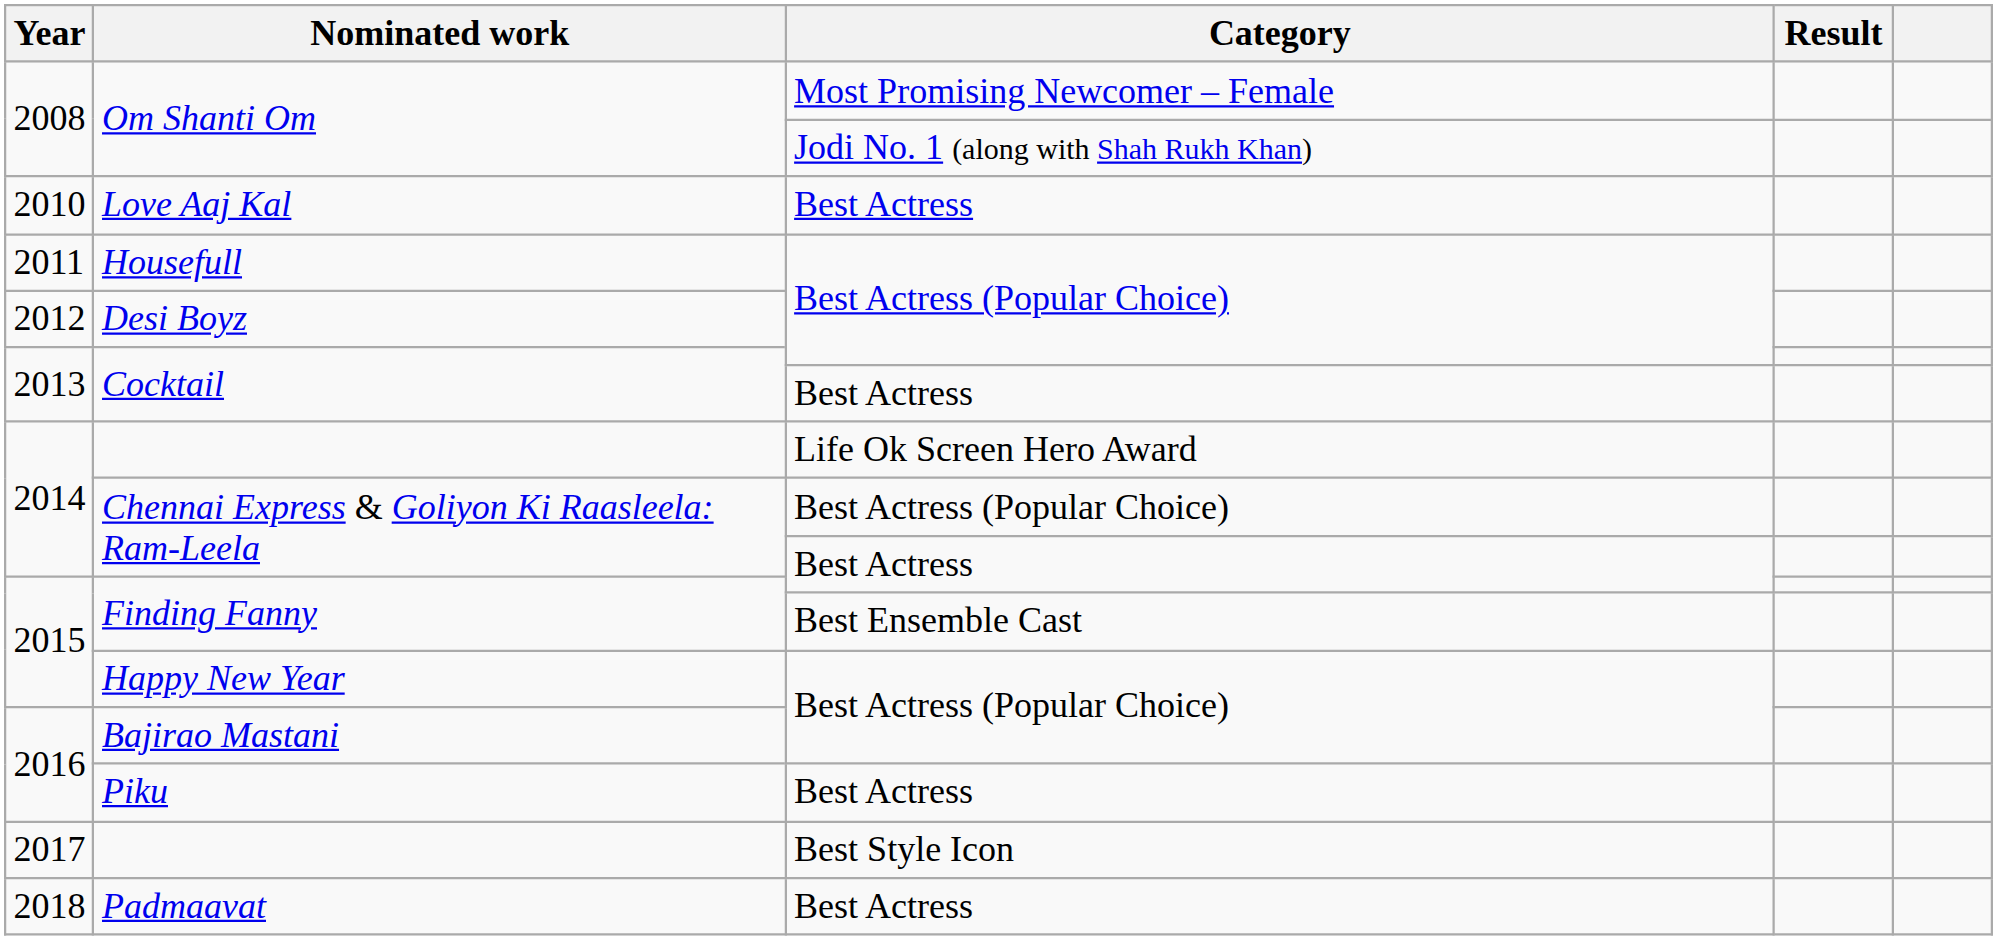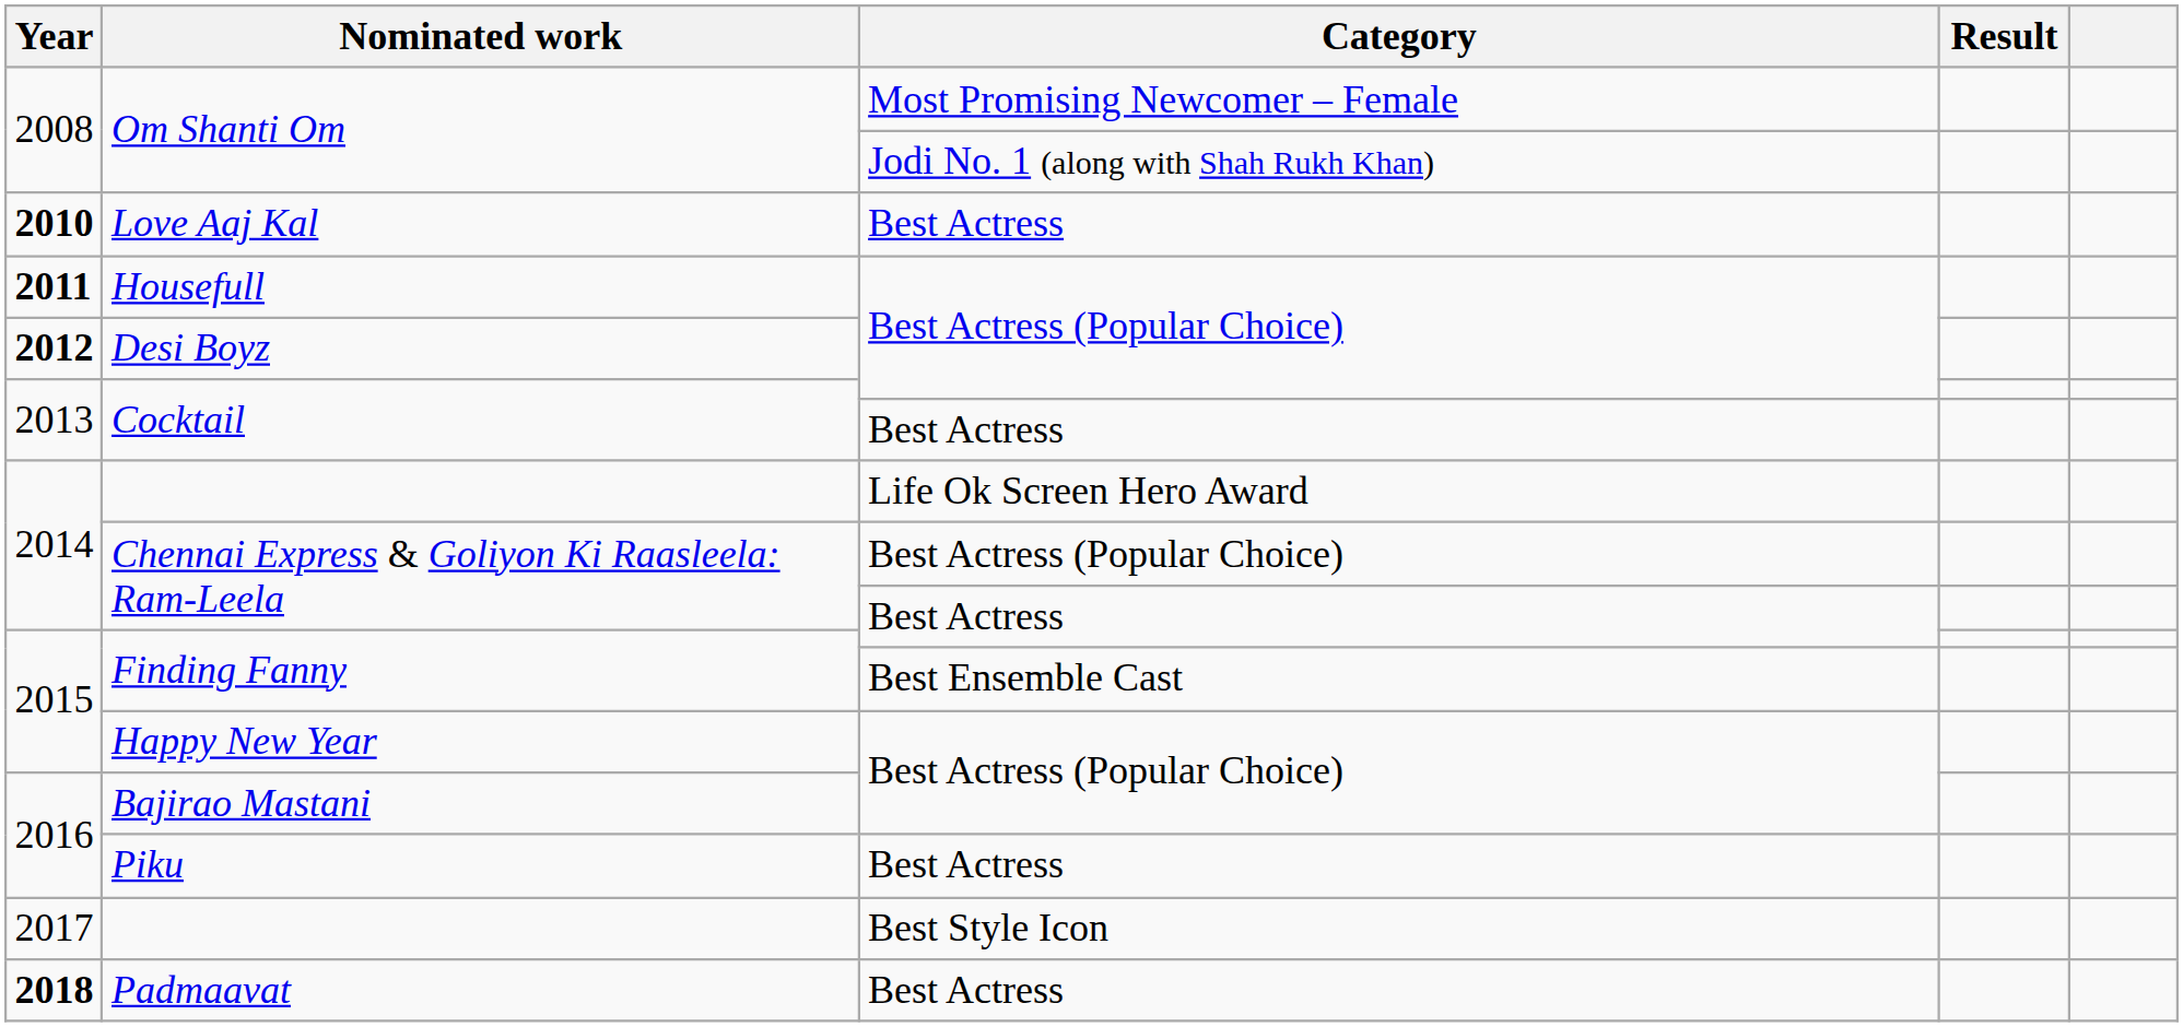 <table class="wikitable" style="width:100%;">
 <tr>
 <th scope="col" style="width:4%;">Year</th>
 <th scope="col" style="width:35%;">Nominated work</th>
 <th scope="col" style="width:50%;">Category</th>
 <th scope="col" style="width:6%;">Result</th>
 <th scope="col" style="width:5%;"></th>
 </tr>
 <tr>
 <td rowspan="2">2008</td>
 <td rowspan="2"><em><a href='#'>Om Shanti Om</a></em></td>
 <td><a href='#'>Most Promising Newcomer – Female</a></td>
 <td></td>
 <td style="text-align:center;"></td>
 </tr>
 <tr>
 <td><a href='#'>Jodi No. 1</a> <small>(along with <a href='#'>Shah Rukh Khan</a>)</small></td>
 <td></td>
 <td style="text-align:center;"></td>
 </tr>
 <tr>
-<td>2010</td>
+<td><strong>2010</strong></td>
 <td><em><a href='#'>Love Aaj Kal</a></em></td>
 <td><a href='#'>Best Actress</a></td>
 <td></td>
 <td style="text-align:center;"></td>
 </tr>
 <tr>
-<td>2011</td>
+<td><strong>2011</strong></td>
 <td><em><a href='#'>Housefull</a></em></td>
 <td rowspan="3"><a href='#'>Best Actress (Popular Choice)</a></td>
 <td></td>
 <td style="text-align:center;"></td>
 </tr>
 <tr>
-<td>2012</td>
+<td><strong>2012</strong></td>
 <td><em><a href='#'>Desi Boyz</a></em></td>
 <td></td>
 <td style="text-align:center;"></td>
 </tr>
 <tr>
 <td rowspan="2">2013</td>
 <td rowspan="2"><em><a href='#'>Cocktail</a></em></td>
 <td></td>
 <td style="text-align:center;"></td>
 </tr>
 <tr>
 <td>Best Actress</td>
 <td></td>
 <td style="text-align:center;"></td>
 </tr>
 <tr>
 <td rowspan="3">2014</td>
 <td></td>
 <td>Life Ok Screen Hero Award</td>
 <td></td>
 <td style="text-align:center;"></td>
 </tr>
 <tr>
 <td rowspan="2"><em><a href='#'>Chennai Express</a></em> & <em><a href='#'>Goliyon Ki Raasleela: Ram-Leela</a></em></td>
 <td>Best Actress (Popular Choice)</td>
 <td></td>
 <td style="text-align:center;"></td>
 </tr>
 <tr>
 <td rowspan="2">Best Actress</td>
 <td></td>
 <td style="text-align:center;"></td>
 </tr>
 <tr>
 <td rowspan="3">2015</td>
 <td rowspan="2"><em><a href='#'>Finding Fanny</a></em></td>
 <td></td>
 <td style="text-align:center;"></td>
 </tr>
 <tr>
 <td>Best Ensemble Cast</td>
 <td></td>
 <td style="text-align:center;"></td>
 </tr>
 <tr>
 <td><em><a href='#'>Happy New Year</a></em></td>
 <td rowspan="2">Best Actress (Popular Choice)</td>
 <td></td>
 <td style="text-align:center;"></td>
 </tr>
 <tr>
 <td rowspan="2">2016</td>
 <td><em><a href='#'>Bajirao Mastani</a></em></td>
 <td></td>
 <td style="text-align:center;"></td>
 </tr>
 <tr>
 <td><em><a href='#'>Piku</a></em></td>
 <td>Best Actress</td>
 <td></td>
 <td style="text-align:center;"></td>
 </tr>
 <tr>
 <td>2017</td>
 <td></td>
 <td>Best Style Icon</td>
 <td></td>
 <td style="text-align:center;"></td>
 </tr>
 <tr>
-<td>2018</td>
+<td><strong>2018</strong></td>
 <td><em><a href='#'>Padmaavat</a></em></td>
 <td>Best Actress</td>
 <td></td>
 <td></td>
 </tr>
 </table>
